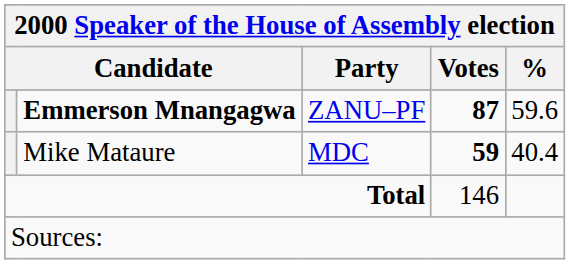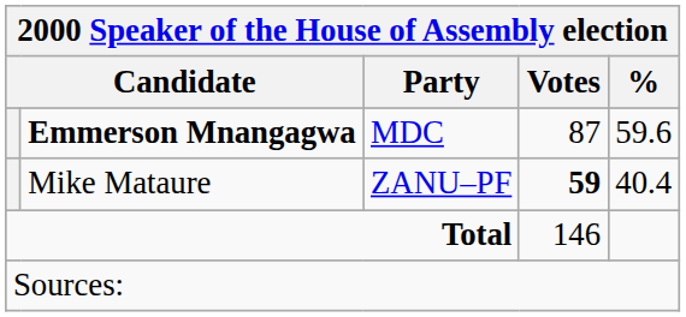 <table class="wikitable">
 <tr>
 <th colspan="5">2000 <a href='#'>Speaker of the House of Assembly</a> election</th>
 </tr>
 <tr>
 <th colspan="2">Candidate</th>
 <th>Party</th>
 <th>Votes</th>
 <th>%</th>
 </tr>
 <tr>
 <th style="background-color: "></th>
 <td><strong>Emmerson Mnangagwa</strong></td>
-<td><a href='#'>ZANU–PF</a></td>
-<td style="text-align:right"><strong>87</strong></td>
+<td><a href='#'>MDC</a></td>
+<td style="text-align:right">87</td>
 <td style="text-align:right">59.6</td>
 </tr>
 <tr>
 <th style="background-color: "></th>
 <td>Mike Mataure</td>
-<td><a href='#'>MDC</a></td>
+<td><a href='#'>ZANU–PF</a></td>
 <td style="text-align:right"><strong>59</strong></td>
 <td style="text-align:right">40.4</td>
 </tr>
 <tr>
 <td colspan="3" style="text-align:right"><strong>Total</strong></td>
 <td style="text-align:right">146</td>
 <td style="text-align:right"></td>
 </tr>
 <tr>
 <td colspan="5">Sources:</td>
 </tr>
 </table>
